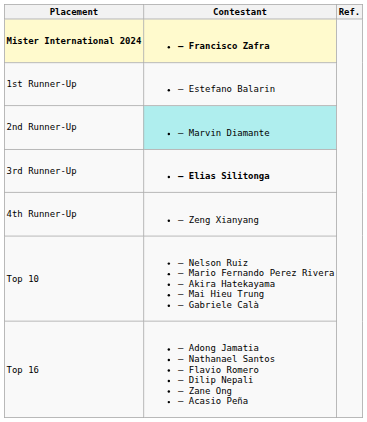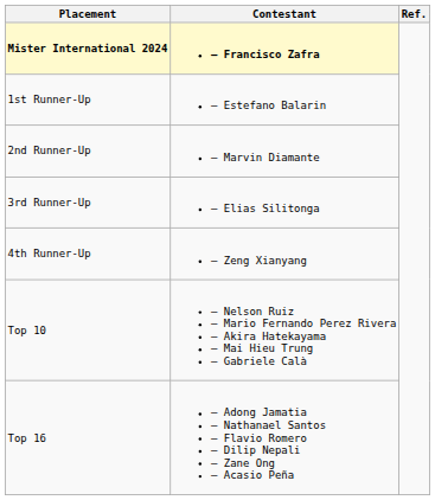 <table class="wikitable sortable" style="font-size: 85%;">
 <tr>
 <th>Placement</th>
 <th>Contestant</th>
 <th>Ref.</th>
 </tr>
 <tr>
 <td style="background:#FFFACD"><strong>Mister International 2024</strong></td>
 <td style="background:#FFFACD"><br><ul><li><strong> – Francisco Zafra</strong></li></ul></td>
 <td rowspan="7"><br><br><br><br></td>
 </tr>
 <tr>
 <td>1st Runner-Up</td>
 <td><br><ul><li> – Estefano Balarin</li></ul></td>
 </tr>
 <tr>
 <td>2nd Runner-Up</td>
-<td style="background: paleturquoise;"><br><ul><li> – Marvin Diamante</li></ul></td>
+<td><br><ul><li> – Marvin Diamante</li></ul></td>
 </tr>
 <tr>
 <td>3rd Runner-Up</td>
-<td><strong><br><ul><li> – Elias Silitonga</li></ul></strong></td>
+<td><br><ul><li> – Elias Silitonga</li></ul></td>
 </tr>
 <tr>
 <td>4th Runner-Up</td>
 <td><br><ul><li> – Zeng Xianyang</li></ul></td>
 </tr>
 <tr>
 <td>Top 10</td>
 <td><br><ul><li> – Nelson Ruiz</li><li> – Mario Fernando Perez Rivera</li><li> – Akira Hatekayama</li><li> – Mai Hieu Trung</li><li> – Gabriele Calà</li></ul></td>
 </tr>
 <tr>
 <td>Top 16</td>
 <td><br><ul><li> – Adong Jamatia</li><li> – Nathanael Santos</li><li> – Flavio Romero</li><li> – Dilip Nepali</li><li> – Zane Ong</li><li> – Acasio Peña</li></ul></td>
 </tr>
 </table>
